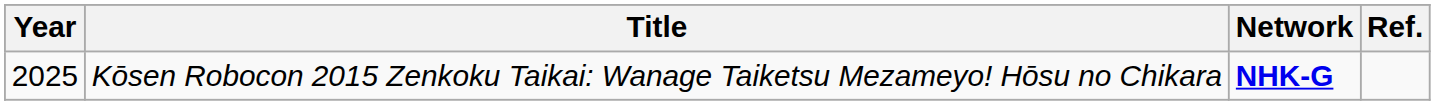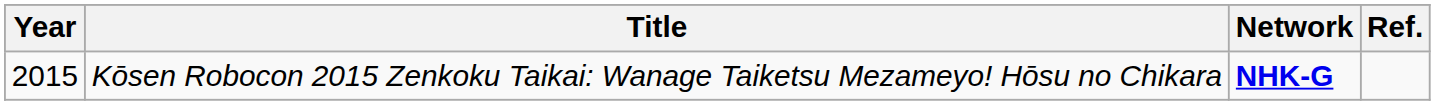 <table class="wikitable">
 <tr>
 <th>Year</th>
 <th>Title</th>
 <th>Network</th>
 <th>Ref.</th>
 </tr>
 <tr>
-<td>2025</td>
+<td>2015</td>
 <td><em>Kōsen Robocon 2015 Zenkoku Taikai: Wanage Taiketsu Mezameyo! Hōsu no Chikara</em></td>
 <td><strong><a href='#'>NHK-G</a></strong></td>
 <td></td>
 </tr>
 </table>
